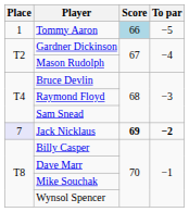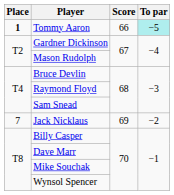 <table class=wikitable>
 <tr>
 <th>Place</th>
 <th>Player</th>
 <th>Score</th>
 <th>To par</th>
 </tr>
 <tr>
-<td align=center>1</td>
+<td align=center><strong>1</strong></td>
 <td> <a href='#'>Tommy Aaron</a></td>
-<td align=center style="background: lightblue;">66</td>
-<td align=center>−5</td>
+<td align=center>66</td>
+<td align=center style="background: paleturquoise;">−5</td>
 </tr>
 <tr>
 <td rowspan=2 align=center>T2</td>
 <td> <a href='#'>Gardner Dickinson</a></td>
 <td rowspan=2 align=center>67</td>
 <td rowspan=2 align=center>−4</td>
 </tr>
 <tr>
 <td> <a href='#'>Mason Rudolph</a></td>
 </tr>
 <tr>
 <td rowspan=3 align=center>T4</td>
 <td> <a href='#'>Bruce Devlin</a></td>
 <td rowspan=3 align=center>68</td>
 <td rowspan=3 align=center>−3</td>
 </tr>
 <tr>
 <td> <a href='#'>Raymond Floyd</a></td>
 </tr>
 <tr>
 <td> <a href='#'>Sam Snead</a></td>
 </tr>
 <tr>
-<td align=center style="background: lavender;">7</td>
+<td align=center>7</td>
 <td> <a href='#'>Jack Nicklaus</a></td>
-<td align=center><strong>69</strong></td>
-<td align=center><strong>−2</strong></td>
+<td align=center>69</td>
+<td align=center>−2</td>
 </tr>
 <tr>
 <td rowspan=4 align=center>T8</td>
 <td> <a href='#'>Billy Casper</a></td>
 <td rowspan=4 align=center>70</td>
 <td rowspan=4 align=center>−1</td>
 </tr>
 <tr>
 <td> <a href='#'>Dave Marr</a></td>
 </tr>
 <tr>
 <td> <a href='#'>Mike Souchak</a></td>
 </tr>
 <tr>
 <td> Wynsol Spencer</td>
 </tr>
 </table>
